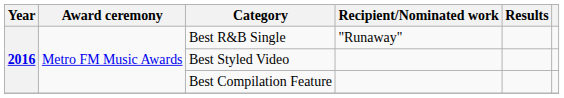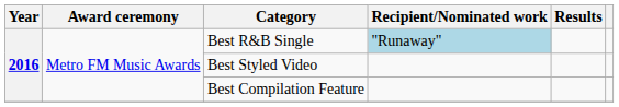 <table class="wikitable palinrowheader">
 <tr>
 <th>Year</th>
 <th>Award ceremony</th>
 <th>Category</th>
 <th>Recipient/Nominated work</th>
 <th>Results</th>
 <th></th>
 </tr>
 <tr>
 <th scope="row" rowspan="3"><a href='#'>2016</a></th>
 <td rowspan="3"><a href='#'>Metro FM Music Awards</a></td>
 <td>Best R&B Single</td>
-<td>"Runaway"</td>
+<td style="background: lightblue;">"Runaway"</td>
 <td></td>
 <td></td>
 </tr>
 <tr>
 <td>Best Styled Video</td>
 <td></td>
 <td></td>
 </tr>
 <tr>
 <td>Best Compilation Feature</td>
 <td></td>
 <td></td>
 <td></td>
 </tr>
 <tr>
 </tr>
 </table>
